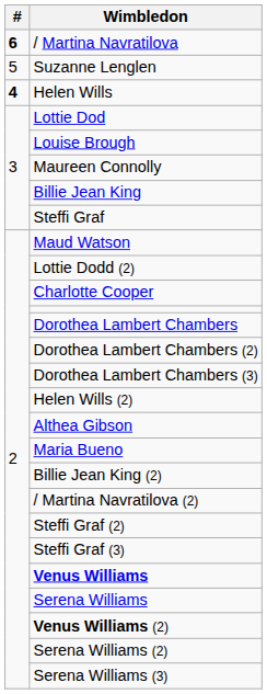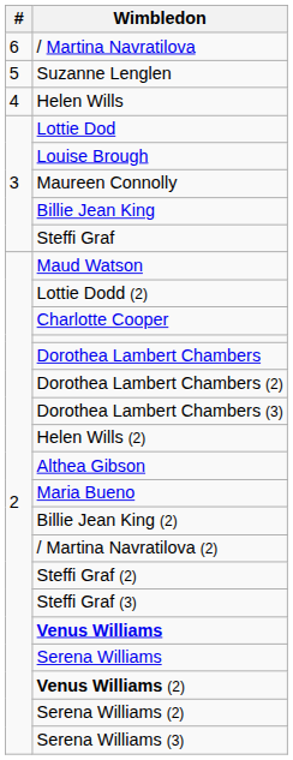 <table class="wikitable">
 <tr>
 <th style="width:18px;">#</th>
 <th>Wimbledon</th>
 </tr>
 <tr>
-<td><strong>6</strong></td>
+<td>6</td>
 <td>/ <a href='#'>Martina Navratilova</a></td>
 </tr>
 <tr>
 <td>5</td>
 <td> Suzanne Lenglen</td>
 </tr>
 <tr>
-<td><strong>4</strong></td>
+<td>4</td>
 <td> Helen Wills</td>
 </tr>
 <tr>
 <td rowspan="5">3</td>
 <td> <a href='#'>Lottie Dod</a></td>
 </tr>
 <tr>
 <td> <a href='#'>Louise Brough</a></td>
 </tr>
 <tr>
 <td> Maureen Connolly</td>
 </tr>
 <tr>
 <td> <a href='#'>Billie Jean King</a></td>
 </tr>
 <tr>
 <td> Steffi Graf</td>
 </tr>
 <tr>
 <td rowspan="19">2</td>
 <td> <a href='#'>Maud Watson</a></td>
 </tr>
 <tr>
 <td> Lottie Dodd <small>(2)</small></td>
 </tr>
 <tr>
 <td> <a href='#'>Charlotte Cooper</a></td>
 </tr>
 <tr>
 <td></td>
 </tr>
 <tr>
 <td> <a href='#'>Dorothea Lambert Chambers</a></td>
 </tr>
 <tr>
 <td> Dorothea Lambert Chambers <small>(2)</small></td>
 </tr>
 <tr>
 <td> Dorothea Lambert Chambers <small>(3)</small></td>
 </tr>
 <tr>
 <td> Helen Wills <small>(2)</small></td>
 </tr>
 <tr>
 <td> <a href='#'>Althea Gibson</a></td>
 </tr>
 <tr>
 <td> <a href='#'>Maria Bueno</a></td>
 </tr>
 <tr>
 <td> Billie Jean King <small>(2)</small></td>
 </tr>
 <tr>
 <td>/ Martina Navratilova <small>(2)</small></td>
 </tr>
 <tr>
 <td> Steffi Graf <small>(2)</small></td>
 </tr>
 <tr>
 <td> Steffi Graf <small>(3)</small></td>
 </tr>
 <tr>
 <td> <strong><a href='#'>Venus Williams</a></strong></td>
 </tr>
 <tr>
 <td> <a href='#'>Serena Williams</a></td>
 </tr>
 <tr>
 <td> <strong>Venus Williams</strong> <small>(2)</small></td>
 </tr>
 <tr>
 <td> Serena Williams <small>(2)</small></td>
 </tr>
 <tr>
 <td> Serena Williams <small>(3)</small></td>
 </tr>
 </table>
